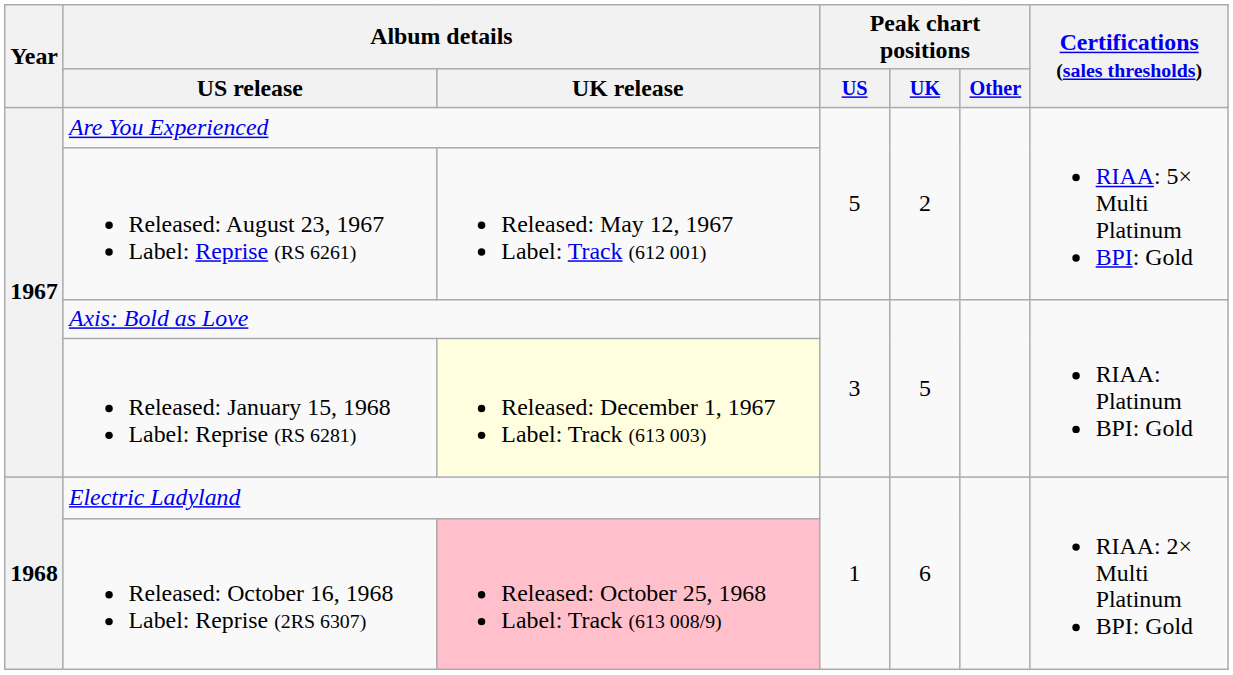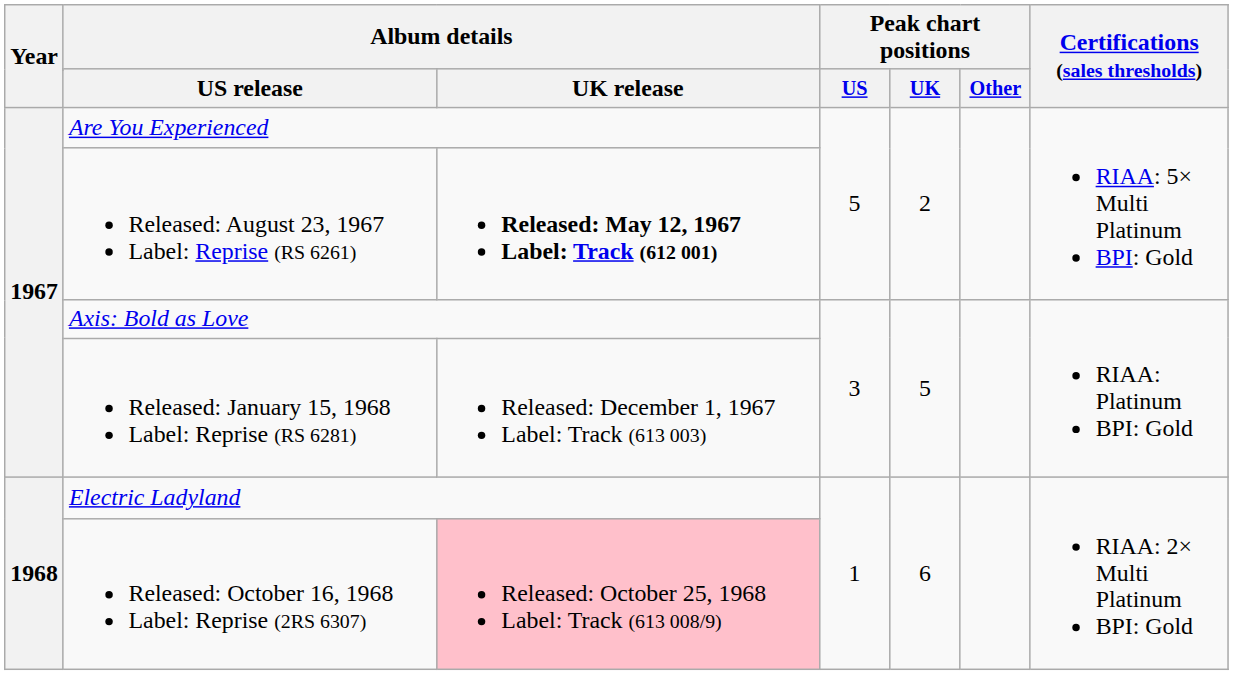 <table class="wikitable">
 <tr>
 <th rowspan="3">Year</th>
 <th rowspan="2" colspan="2" style="width:500px;">Album details</th>
 <th colspan="3">Peak chart positions</th>
 <th rowspan="3" style="width:125px;"><a href='#'>Certifications</a><br><small>(<a href='#'>sales thresholds</a>)</small></th>
 </tr>
 <tr>
 <th style="width:3em;font-size:85%" rowspan="2"><a href='#'>US</a><br></th>
 <th style="width:3em;font-size:85%" rowspan="2"><a href='#'>UK</a><br></th>
 <th style="width:3em;font-size:85%" rowspan="2"><a href='#'>Other</a><br></th>
 </tr>
 <tr>
 <th>US release</th>
 <th>UK release</th>
 </tr>
 <tr>
 <th scope="row" rowspan="4">1967</th>
 <td colspan="2"><em><a href='#'>Are You Experienced</a></em></td>
 <td align="center" rowspan="2">5</td>
 <td align="center" rowspan="2">2</td>
 <td align="center" rowspan="2"></td>
 <td rowspan="2"><br><ul><li><a href='#'>RIAA</a>: 5× Multi Platinum</li><li><a href='#'>BPI</a>: Gold</li></ul></td>
 </tr>
 <tr>
 <td><br><ul><li>Released: August 23, 1967</li><li>Label: <a href='#'>Reprise</a> <small>(RS 6261)</small></li></ul></td>
-<td><br><ul><li>Released: May 12, 1967</li><li>Label: <a href='#'>Track</a> <small>(612 001)</small></li></ul></td>
+<td><strong><br><ul><li>Released: May 12, 1967</li><li>Label: <a href='#'>Track</a> <small>(612 001)</small></li></ul></strong></td>
 </tr>
 <tr>
 <td colspan="2"><em><a href='#'>Axis: Bold as Love</a></em></td>
 <td align="center" rowspan="2">3</td>
 <td align="center" rowspan="2">5</td>
 <td align="center" rowspan="2"></td>
 <td rowspan="2"><br><ul><li>RIAA: Platinum</li><li>BPI: Gold</li></ul></td>
 </tr>
 <tr>
 <td><br><ul><li>Released: January 15, 1968</li><li>Label: Reprise <small>(RS 6281)</small></li></ul></td>
-<td style="background: lightyellow;"><br><ul><li>Released: December 1, 1967</li><li>Label: Track <small>(613 003)</small></li></ul></td>
+<td><br><ul><li>Released: December 1, 1967</li><li>Label: Track <small>(613 003)</small></li></ul></td>
 </tr>
 <tr>
 <th scope="row" rowspan="2">1968</th>
 <td colspan="2"><em><a href='#'>Electric Ladyland</a></em></td>
 <td align="center" rowspan="2">1</td>
 <td align="center" rowspan="2">6</td>
 <td align="center" rowspan="2"></td>
 <td rowspan="2"><br><ul><li>RIAA: 2× Multi Platinum</li><li>BPI: Gold</li></ul></td>
 </tr>
 <tr>
 <td><br><ul><li>Released: October 16, 1968</li><li>Label: Reprise <small>(2RS 6307)</small></li></ul></td>
 <td style="background: pink;"><br><ul><li>Released: October 25, 1968</li><li>Label: Track <small>(613 008/9)</small></li></ul></td>
 </tr>
 </table>
